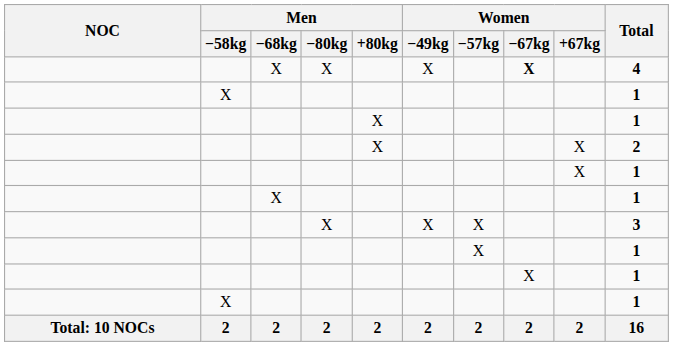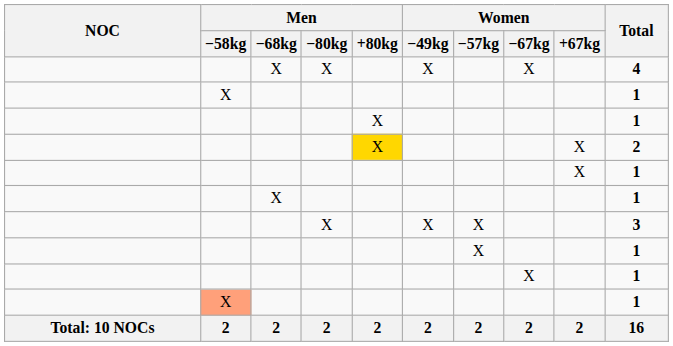 <table class="wikitable" style="text-align:center; font-size:90%">
 <tr>
 <th rowspan="2" width=200 align="left">NOC</th>
 <th colspan="4">Men</th>
 <th colspan="4">Women</th>
 <th width=55 rowspan="2">Total</th>
 </tr>
 <tr>
 <th width=40>−58kg</th>
 <th width=40>−68kg</th>
 <th width=40>−80kg</th>
 <th width=40>+80kg</th>
 <th width=40>−49kg</th>
 <th width=40>−57kg</th>
 <th width=40>−67kg</th>
 <th width=40>+67kg</th>
 </tr>
 <tr>
 <td align="left"></td>
 <td></td>
 <td>X</td>
 <td>X</td>
 <td></td>
 <td>X</td>
 <td></td>
-<td><strong>X</strong></td>
+<td>X</td>
 <td></td>
 <td><strong>4</strong></td>
 </tr>
 <tr>
 <td align="left"></td>
 <td>X</td>
 <td></td>
 <td></td>
 <td></td>
 <td></td>
 <td></td>
 <td></td>
 <td></td>
 <td><strong>1</strong></td>
 </tr>
 <tr>
 <td align="left"></td>
 <td></td>
 <td></td>
 <td></td>
 <td>X</td>
 <td></td>
 <td></td>
 <td></td>
 <td></td>
 <td><strong>1</strong></td>
 </tr>
 <tr>
 <td align="left"></td>
 <td></td>
 <td></td>
 <td></td>
-<td>X</td>
+<td style="background: gold;">X</td>
 <td></td>
 <td></td>
 <td></td>
 <td>X</td>
 <td><strong>2</strong></td>
 </tr>
 <tr>
 <td align="left"></td>
 <td></td>
 <td></td>
 <td></td>
 <td></td>
 <td></td>
 <td></td>
 <td></td>
 <td>X</td>
 <td><strong>1</strong></td>
 </tr>
 <tr>
 <td align="left"></td>
 <td></td>
 <td>X</td>
 <td></td>
 <td></td>
 <td></td>
 <td></td>
 <td></td>
 <td></td>
 <td><strong>1</strong></td>
 </tr>
 <tr>
 <td align="left"></td>
 <td></td>
 <td></td>
 <td>X</td>
 <td></td>
 <td>X</td>
 <td>X</td>
 <td></td>
 <td></td>
 <td><strong>3</strong></td>
 </tr>
 <tr>
 <td align="left"></td>
 <td></td>
 <td></td>
 <td></td>
 <td></td>
 <td></td>
 <td>X</td>
 <td></td>
 <td></td>
 <td><strong>1</strong></td>
 </tr>
 <tr>
 <td align="left"></td>
 <td></td>
 <td></td>
 <td></td>
 <td></td>
 <td></td>
 <td></td>
 <td>X</td>
 <td></td>
 <td><strong>1</strong></td>
 </tr>
 <tr>
 <td align="left"></td>
-<td>X</td>
+<td style="background: lightsalmon;">X</td>
 <td></td>
 <td></td>
 <td></td>
 <td></td>
 <td></td>
 <td></td>
 <td></td>
 <td><strong>1</strong></td>
 </tr>
 <tr>
 <th>Total: 10 NOCs</th>
 <th>2</th>
 <th>2</th>
 <th>2</th>
 <th>2</th>
 <th>2</th>
 <th>2</th>
 <th>2</th>
 <th>2</th>
 <th>16</th>
 </tr>
 </table>
